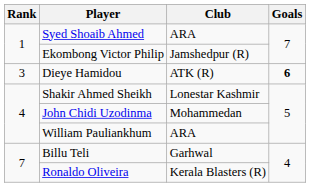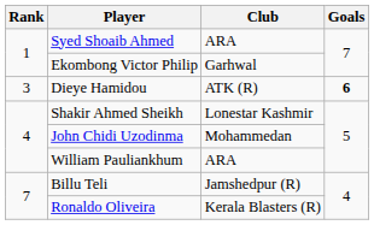 <table class="wikitable" style="text-align:center">
 <tr>
 <th>Rank</th>
 <th>Player</th>
 <th>Club</th>
 <th>Goals</th>
 </tr>
 <tr>
 <td rowspan="2">1</td>
 <td align="left"> <a href='#'>Syed Shoaib Ahmed</a></td>
 <td align="left">ARA</td>
 <td rowspan="2">7</td>
 </tr>
 <tr>
 <td align="left"> Ekombong Victor Philip</td>
-<td align="left">Jamshedpur (R)</td>
+<td align="left">Garhwal</td>
 </tr>
 <tr>
 <td>3</td>
 <td align="left"> Dieye Hamidou</td>
 <td align="left">ATK (R)</td>
 <td><strong>6</strong></td>
 </tr>
 <tr>
 <td rowspan="3">4</td>
 <td align="left"> Shakir Ahmed Sheikh</td>
 <td align="left">Lonestar Kashmir</td>
 <td rowspan="3">5</td>
 </tr>
 <tr>
 <td align="left"> <a href='#'>John Chidi Uzodinma</a></td>
 <td align="left">Mohammedan</td>
 </tr>
 <tr>
 <td align="left"> William Pauliankhum</td>
 <td align="left">ARA</td>
 </tr>
 <tr>
 <td rowspan="2">7</td>
 <td align="left"> Billu Teli</td>
-<td align="left">Garhwal</td>
+<td align="left">Jamshedpur (R)</td>
 <td rowspan="2">4</td>
 </tr>
 <tr>
 <td align="left"> <a href='#'>Ronaldo Oliveira</a></td>
 <td align="left">Kerala Blasters (R)</td>
 </tr>
 </table>
